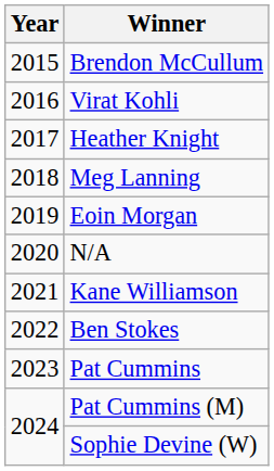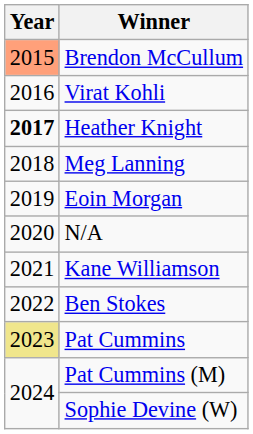 <table class="wikitable">
 <tr>
 <th>Year</th>
 <th>Winner</th>
 </tr>
 <tr>
-<td>2015</td>
+<td style="background: lightsalmon;">2015</td>
 <td> <a href='#'>Brendon McCullum</a></td>
 </tr>
 <tr>
 <td>2016</td>
 <td> <a href='#'>Virat Kohli</a></td>
 </tr>
 <tr>
-<td>2017</td>
+<td><strong>2017</strong></td>
 <td> <a href='#'>Heather Knight</a></td>
 </tr>
 <tr>
 <td>2018</td>
 <td> <a href='#'>Meg Lanning</a></td>
 </tr>
 <tr>
 <td>2019</td>
 <td> <a href='#'>Eoin Morgan</a></td>
 </tr>
 <tr>
 <td>2020</td>
 <td>N/A</td>
 </tr>
 <tr>
 <td>2021</td>
 <td>  <a href='#'>Kane Williamson</a></td>
 </tr>
 <tr>
 <td>2022</td>
 <td> <a href='#'>Ben Stokes</a></td>
 </tr>
 <tr>
-<td>2023</td>
+<td style="background: khaki;">2023</td>
 <td> <a href='#'>Pat Cummins</a></td>
 </tr>
 <tr>
 <td rowspan="2">2024</td>
 <td> <a href='#'>Pat Cummins</a> (M)</td>
 </tr>
 <tr>
 <td> <a href='#'>Sophie Devine</a> (W)</td>
 </tr>
 </table>
